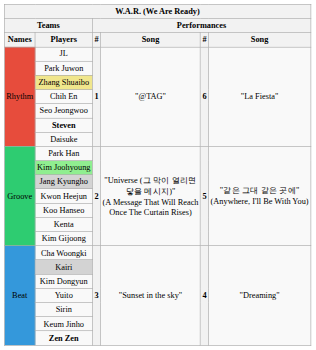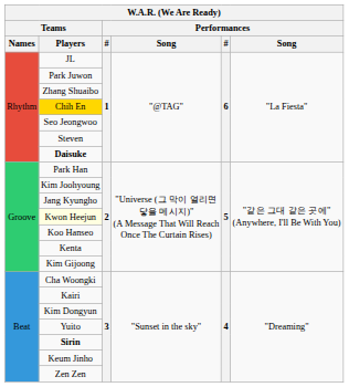 <table class="wikitable sortable" style="text-align:center; font-size: small">
 <tr>
 <th colspan="6">W.A.R. (We Are Ready)</th>
 </tr>
 <tr>
 <th colspan="2">Teams</th>
 <th colspan="4">Performances</th>
 </tr>
 <tr>
 <th>Names</th>
 <th>Players</th>
 <th>#</th>
 <th>Song</th>
 <th>#</th>
 <th>Song</th>
 </tr>
 <tr>
 <td rowspan="7" style="background:#e74c3c">Rhythm</td>
 <td>JL</td>
 <th rowspan="7">1</th>
 <td rowspan="7">"@TAG"</td>
 <th rowspan="7">6</th>
 <td rowspan="7">"La Fiesta"</td>
 </tr>
 <tr>
 <td>Park Juwon</td>
 </tr>
 <tr>
-<td style="background: khaki;">Zhang Shuaibo</td>
+<td>Zhang Shuaibo</td>
 </tr>
 <tr>
-<td>Chih En</td>
+<td style="background: gold;">Chih En</td>
 </tr>
 <tr>
 <td>Seo Jeongwoo</td>
 </tr>
 <tr>
-<td><strong>Steven</strong></td>
+<td>Steven</td>
 </tr>
 <tr>
-<td>Daisuke</td>
+<td><strong>Daisuke</strong></td>
 </tr>
 <tr>
 <td rowspan="7" style="background:#2ecc71">Groove</td>
 <td>Park Han</td>
 <th rowspan="7">2</th>
 <td rowspan="7">"Universe (그 막이 열리면 <br>닿을 메시지)" <br>(A Message That Will Reach <br>Once The Curtain Rises)</td>
 <th rowspan="7">5</th>
 <td rowspan="7">"같은 그대 같은 곳에" <br> (Anywhere, I'll Be With You)</td>
 </tr>
 <tr>
-<td style="background: lightgreen;">Kim Joohyoung</td>
+<td>Kim Joohyoung</td>
 </tr>
 <tr>
-<td style="background: lightgrey;">Jang Kyungho</td>
+<td>Jang Kyungho</td>
 </tr>
 <tr>
-<td>Kwon Heejun</td>
+<td style="background: lightyellow;">Kwon Heejun</td>
 </tr>
 <tr>
 <td>Koo Hanseo</td>
 </tr>
 <tr>
 <td>Kenta</td>
 </tr>
 <tr>
 <td>Kim Gijoong</td>
 </tr>
 <tr>
 <td rowspan="7" style="background:#3498db">Beat</td>
 <td>Cha Woongki</td>
 <th rowspan="7">3</th>
 <td rowspan="7">"Sunset in the sky"</td>
 <th rowspan="7">4</th>
 <td rowspan="7">"Dreaming"</td>
 </tr>
 <tr>
-<td style="background: lightgrey;">Kairi</td>
+<td>Kairi</td>
 </tr>
 <tr>
 <td>Kim Dongyun</td>
 </tr>
 <tr>
 <td>Yuito</td>
 </tr>
 <tr>
-<td>Sirin</td>
+<td><strong>Sirin</strong></td>
 </tr>
 <tr>
 <td>Keum Jinho</td>
 </tr>
 <tr>
-<td><strong>Zen Zen</strong></td>
+<td>Zen Zen</td>
 </tr>
 </table>
